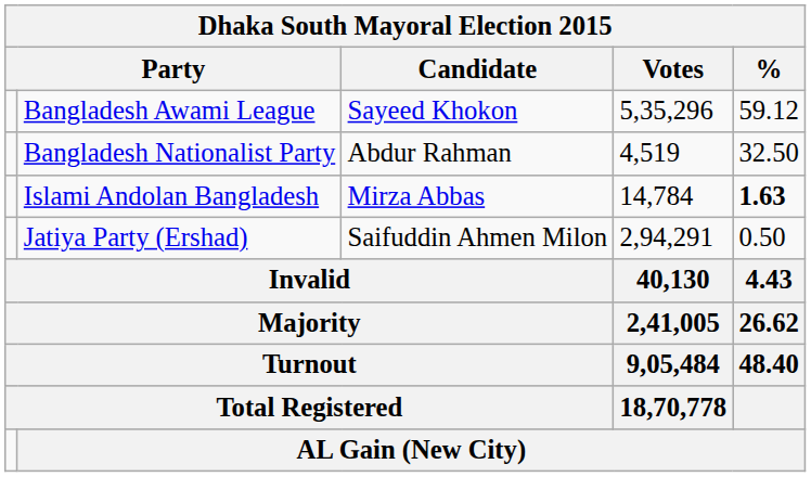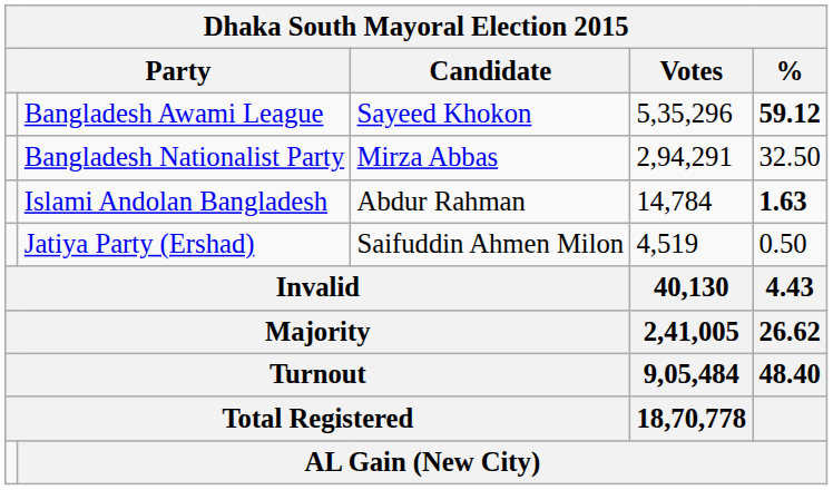 <table class="wikitable" style=text-align:left>
 <tr>
 <th style=text-align:center colspan="5">Dhaka South Mayoral Election 2015</th>
 </tr>
 <tr>
 <th colspan="2">Party</th>
 <th>Candidate</th>
 <th>Votes</th>
 <th>%</th>
 </tr>
 <tr>
 <td bgcolor=></td>
 <td><a href='#'>Bangladesh Awami League</a></td>
 <td><a href='#'>Sayeed Khokon</a></td>
 <td>5,35,296</td>
-<td>59.12</td>
+<td><strong>59.12</strong></td>
 </tr>
 <tr>
 <td bgcolor=></td>
 <td><a href='#'>Bangladesh Nationalist Party</a></td>
-<td>Abdur Rahman</td>
-<td>4,519</td>
+<td><a href='#'>Mirza Abbas</a></td>
+<td>2,94,291</td>
 <td>32.50</td>
 </tr>
 <tr>
 <td bgcolor=></td>
 <td><a href='#'>Islami Andolan Bangladesh</a></td>
-<td><a href='#'>Mirza Abbas</a></td>
+<td>Abdur Rahman</td>
 <td>14,784</td>
 <td><strong>1.63</strong></td>
 </tr>
 <tr>
 <td bgcolor=></td>
 <td><a href='#'>Jatiya Party (Ershad)</a></td>
 <td>Saifuddin Ahmen Milon</td>
-<td>2,94,291</td>
+<td>4,519</td>
 <td>0.50</td>
 </tr>
 <tr>
 <th align=right colspan=3>Invalid</th>
 <th>40,130</th>
 <th>4.43</th>
 </tr>
 <tr>
 <th align=right colspan=3>Majority</th>
 <th>2,41,005</th>
 <th>26.62</th>
 </tr>
 <tr>
 <th align=right colspan=3>Turnout</th>
 <th>9,05,484</th>
 <th>48.40</th>
 </tr>
 <tr>
 <th align=right colspan=3>Total Registered</th>
 <th>18,70,778</th>
 <th></th>
 </tr>
 <tr>
 <td style="background-color:"></td>
 <th align=left colspan=4>AL Gain (New City)</th>
 </tr>
 </table>
